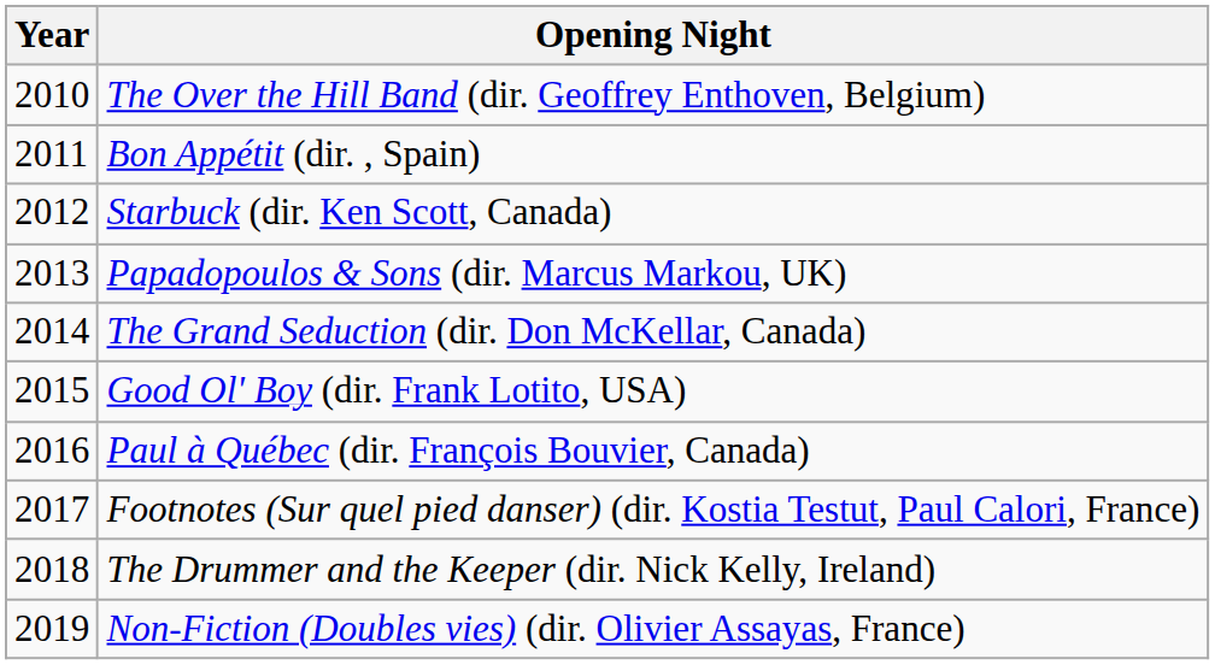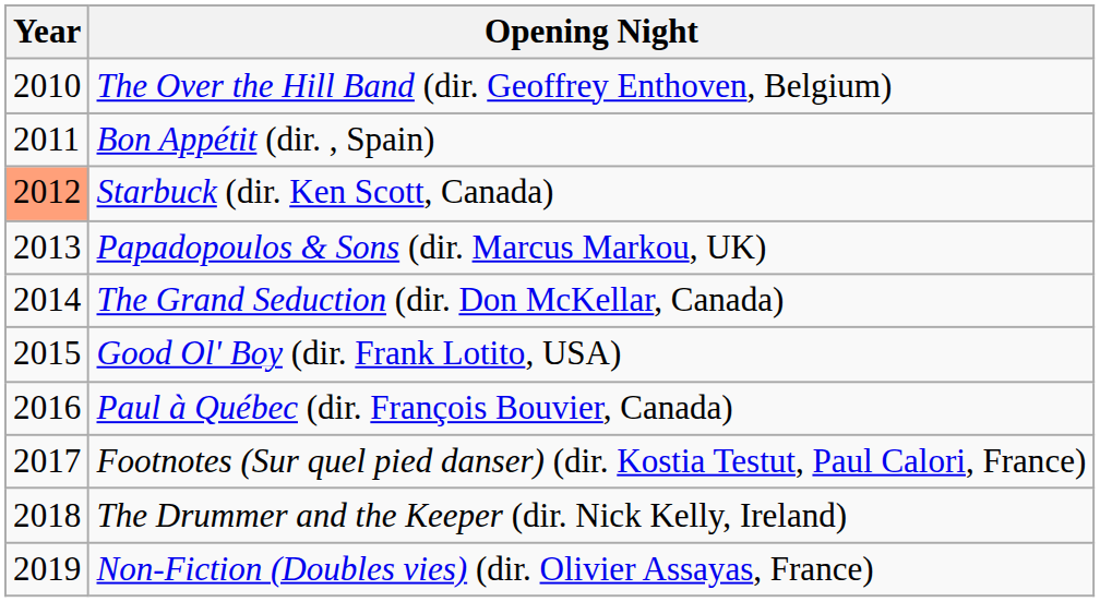 <table class="wikitable">
 <tr>
 <th>Year</th>
 <th>Opening Night</th>
 </tr>
 <tr>
 <td>2010</td>
 <td><em><a href='#'>The Over the Hill Band</a></em> (dir. <a href='#'>Geoffrey Enthoven</a>, Belgium)</td>
 </tr>
 <tr>
 <td>2011</td>
 <td><em><a href='#'>Bon Appétit</a></em> (dir. , Spain)</td>
 </tr>
 <tr>
-<td>2012</td>
+<td style="background: lightsalmon;">2012</td>
 <td><em><a href='#'>Starbuck</a></em> (dir. <a href='#'>Ken Scott</a>, Canada)</td>
 </tr>
 <tr>
 <td>2013</td>
 <td><em><a href='#'>Papadopoulos & Sons</a></em> (dir. <a href='#'>Marcus Markou</a>, UK)</td>
 </tr>
 <tr>
 <td>2014</td>
 <td><em><a href='#'>The Grand Seduction</a></em> (dir. <a href='#'>Don McKellar</a>, Canada)</td>
 </tr>
 <tr>
 <td>2015</td>
 <td><em><a href='#'>Good Ol' Boy</a></em> (dir. <a href='#'>Frank Lotito</a>, USA)</td>
 </tr>
 <tr>
 <td>2016</td>
 <td><em><a href='#'>Paul à Québec</a></em> (dir. <a href='#'>François Bouvier</a>, Canada)</td>
 </tr>
 <tr>
 <td>2017</td>
 <td><em>Footnotes (Sur quel pied danser)</em> (dir. <a href='#'>Kostia Testut</a>, <a href='#'>Paul Calori</a>, France)</td>
 </tr>
 <tr>
 <td>2018</td>
 <td><em>The Drummer and the Keeper</em> (dir. Nick Kelly, Ireland)</td>
 </tr>
 <tr>
 <td>2019</td>
 <td><em><a href='#'>Non-Fiction (Doubles vies)</a></em> (dir. <a href='#'>Olivier Assayas</a>, France)</td>
 </tr>
 </table>
